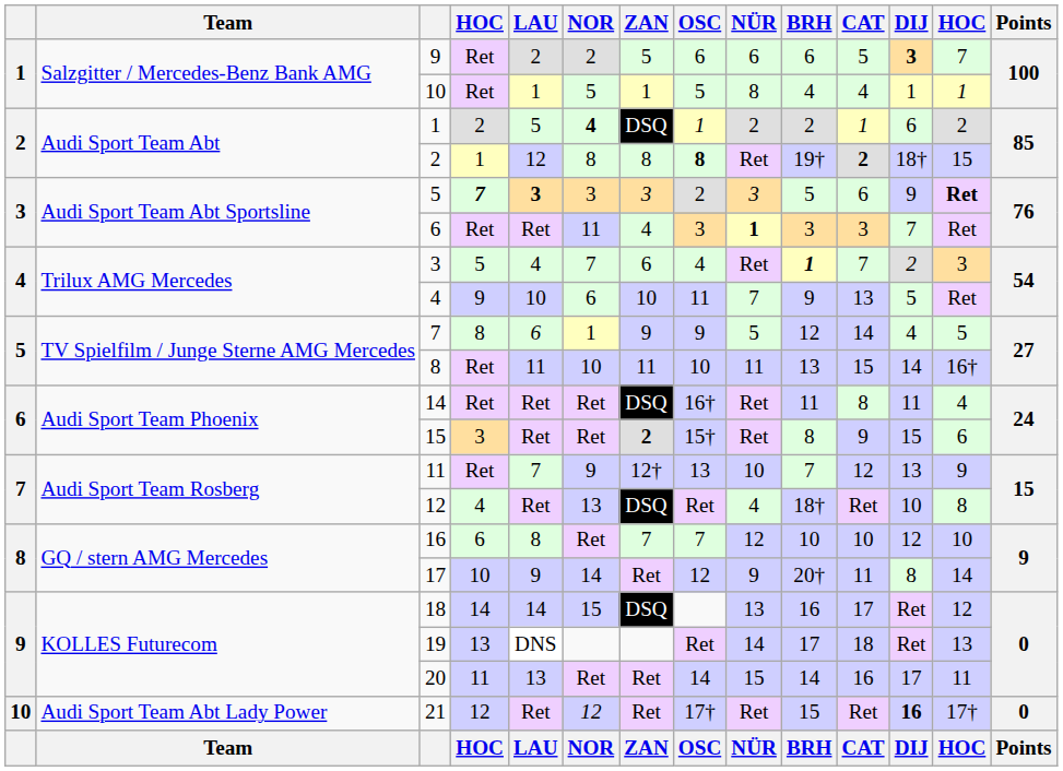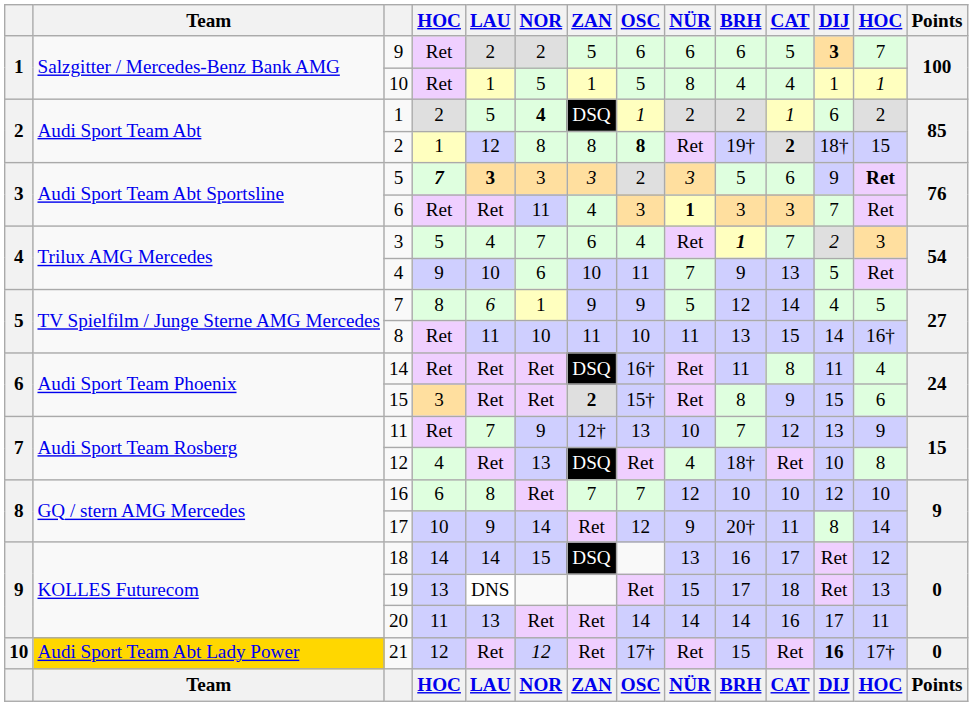 <table class="wikitable" style="font-size:85%; text-align:center">
 <tr style="background:#f9f9f9" valign="top">
 <th valign="middle"></th>
 <th valign="middle">Team</th>
 <th valign="middle"></th>
 <th><a href='#'>HOC</a><br></th>
 <th><a href='#'>LAU</a><br></th>
 <th><a href='#'>NOR</a><br></th>
 <th><a href='#'>ZAN</a><br></th>
 <th><a href='#'>OSC</a><br></th>
 <th><a href='#'>NÜR</a><br></th>
 <th><a href='#'>BRH</a><br></th>
 <th><a href='#'>CAT</a><br></th>
 <th><a href='#'>DIJ</a><br></th>
 <th><a href='#'>HOC</a><br></th>
 <th valign="middle">Points</th>
 </tr>
 <tr>
 <th rowspan=2>1</th>
 <td align="left" rowspan=2><a href='#'>Salzgitter / Mercedes-Benz Bank AMG</a></td>
 <td align="center">9</td>
 <td style="background:#EFCFFF;">Ret</td>
 <td style="background:#DFDFDF;">2</td>
 <td style="background:#DFDFDF;">2</td>
 <td style="background:#DFFFDF;">5</td>
 <td style="background:#DFFFDF;">6</td>
 <td style="background:#DFFFDF;">6</td>
 <td style="background:#DFFFDF;">6</td>
 <td style="background:#DFFFDF;">5</td>
 <td style="background:#FFDF9F;"><strong>3</strong></td>
 <td style="background:#DFFFDF;">7</td>
 <th rowspan=2>100</th>
 </tr>
 <tr>
 <td align="center">10</td>
 <td style="background:#EFCFFF;">Ret</td>
 <td style="background:#FFFFBF;">1</td>
 <td style="background:#DFFFDF;">5</td>
 <td style="background:#FFFFBF;">1</td>
 <td style="background:#DFFFDF;">5</td>
 <td style="background:#DFFFDF;">8</td>
 <td style="background:#DFFFDF;">4</td>
 <td style="background:#DFFFDF;">4</td>
 <td style="background:#FFFFBF;">1</td>
 <td style="background:#FFFFBF;"><em>1</em></td>
 </tr>
 <tr>
 <th rowspan=2>2</th>
 <td align="left" rowspan=2><a href='#'>Audi Sport Team Abt</a></td>
 <td align="center">1</td>
 <td style="background:#DFDFDF;">2</td>
 <td style="background:#DFFFDF;">5</td>
 <td style="background:#DFFFDF;"><strong>4</strong></td>
 <td style="background:#000000; color:white">DSQ</td>
 <td style="background:#FFFFBF;"><em>1</em></td>
 <td style="background:#DFDFDF;">2</td>
 <td style="background:#DFDFDF;">2</td>
 <td style="background:#FFFFBF;"><em>1</em></td>
 <td style="background:#DFFFDF;">6</td>
 <td style="background:#DFDFDF;">2</td>
 <th rowspan=2>85</th>
 </tr>
 <tr>
 <td align="center">2</td>
 <td style="background:#FFFFBF;">1</td>
 <td style="background:#CFCFFF;">12</td>
 <td style="background:#DFFFDF;">8</td>
 <td style="background:#DFFFDF;">8</td>
 <td style="background:#DFFFDF;"><strong>8</strong></td>
 <td style="background:#EFCFFF;">Ret</td>
 <td style="background:#CFCFFF;">19†</td>
 <td style="background:#DFDFDF;"><strong>2</strong></td>
 <td style="background:#CFCFFF;">18†</td>
 <td style="background:#CFCFFF;">15</td>
 </tr>
 <tr>
 <th rowspan=2>3</th>
 <td align="left" rowspan=2><a href='#'>Audi Sport Team Abt Sportsline</a></td>
 <td align="center">5</td>
 <td style="background:#DFFFDF;"><strong><em>7</em></strong></td>
 <td style="background:#FFDF9F;"><strong>3</strong></td>
 <td style="background:#FFDF9F;">3</td>
 <td style="background:#FFDF9F;"><em>3</em></td>
 <td style="background:#DFDFDF;">2</td>
 <td style="background:#FFDF9F;"><em>3</em></td>
 <td style="background:#DFFFDF;">5</td>
 <td style="background:#DFFFDF;">6</td>
 <td style="background:#CFCFFF;">9</td>
 <td style="background:#EFCFFF;"><strong>Ret</strong></td>
 <th rowspan=2>76</th>
 </tr>
 <tr>
 <td align="center">6</td>
 <td style="background:#EFCFFF;">Ret</td>
 <td style="background:#EFCFFF;">Ret</td>
 <td style="background:#CFCFFF;">11</td>
 <td style="background:#DFFFDF;">4</td>
 <td style="background:#FFDF9F;">3</td>
 <td style="background:#FFFFBF;"><strong>1</strong></td>
 <td style="background:#FFDF9F;">3</td>
 <td style="background:#FFDF9F;">3</td>
 <td style="background:#DFFFDF;">7</td>
 <td style="background:#EFCFFF;">Ret</td>
 </tr>
 <tr>
 <th rowspan=2>4</th>
 <td align="left" rowspan=2><a href='#'>Trilux AMG Mercedes</a></td>
 <td align="center">3</td>
 <td style="background:#DFFFDF;">5</td>
 <td style="background:#DFFFDF;">4</td>
 <td style="background:#DFFFDF;">7</td>
 <td style="background:#DFFFDF;">6</td>
 <td style="background:#DFFFDF;">4</td>
 <td style="background:#EFCFFF;">Ret</td>
 <td style="background:#FFFFBF;"><strong><em>1</em></strong></td>
 <td style="background:#DFFFDF;">7</td>
 <td style="background:#DFDFDF;"><em>2</em></td>
 <td style="background:#FFDF9F;">3</td>
 <th rowspan=2>54</th>
 </tr>
 <tr>
 <td align="center">4</td>
 <td style="background:#CFCFFF;">9</td>
 <td style="background:#CFCFFF;">10</td>
 <td style="background:#DFFFDF;">6</td>
 <td style="background:#CFCFFF;">10</td>
 <td style="background:#CFCFFF;">11</td>
 <td style="background:#DFFFDF;">7</td>
 <td style="background:#CFCFFF;">9</td>
 <td style="background:#CFCFFF;">13</td>
 <td style="background:#DFFFDF;">5</td>
 <td style="background:#EFCFFF;">Ret</td>
 </tr>
 <tr>
 <th rowspan=2>5</th>
 <td align="left" rowspan=2><a href='#'>TV Spielfilm / Junge Sterne AMG Mercedes</a></td>
 <td align="center">7</td>
 <td style="background:#DFFFDF;">8</td>
 <td style="background:#DFFFDF;"><em>6</em></td>
 <td style="background:#FFFFBF;">1</td>
 <td style="background:#CFCFFF;">9</td>
 <td style="background:#CFCFFF;">9</td>
 <td style="background:#DFFFDF;">5</td>
 <td style="background:#CFCFFF;">12</td>
 <td style="background:#CFCFFF;">14</td>
 <td style="background:#DFFFDF;">4</td>
 <td style="background:#DFFFDF;">5</td>
 <th rowspan=2>27</th>
 </tr>
 <tr>
 <td align="center">8</td>
 <td style="background:#EFCFFF;">Ret</td>
 <td style="background:#CFCFFF;">11</td>
 <td style="background:#CFCFFF;">10</td>
 <td style="background:#CFCFFF;">11</td>
 <td style="background:#CFCFFF;">10</td>
 <td style="background:#CFCFFF;">11</td>
 <td style="background:#CFCFFF;">13</td>
 <td style="background:#CFCFFF;">15</td>
 <td style="background:#CFCFFF;">14</td>
 <td style="background:#CFCFFF;">16†</td>
 </tr>
 <tr>
 <th rowspan=2>6</th>
 <td align="left" rowspan=2><a href='#'>Audi Sport Team Phoenix</a></td>
 <td align="center">14</td>
 <td style="background:#EFCFFF;">Ret</td>
 <td style="background:#EFCFFF;">Ret</td>
 <td style="background:#EFCFFF;">Ret</td>
 <td style="background:#000000; color:white">DSQ</td>
 <td style="background:#CFCFFF;">16†</td>
 <td style="background:#EFCFFF;">Ret</td>
 <td style="background:#CFCFFF;">11</td>
 <td style="background:#DFFFDF;">8</td>
 <td style="background:#CFCFFF;">11</td>
 <td style="background:#DFFFDF;">4</td>
 <th rowspan=2>24</th>
 </tr>
 <tr>
 <td align="center">15</td>
 <td style="background:#FFDF9F;">3</td>
 <td style="background:#EFCFFF;">Ret</td>
 <td style="background:#EFCFFF;">Ret</td>
 <td style="background:#DFDFDF;"><strong>2</strong></td>
 <td style="background:#CFCFFF;">15†</td>
 <td style="background:#EFCFFF;">Ret</td>
 <td style="background:#DFFFDF;">8</td>
 <td style="background:#CFCFFF;">9</td>
 <td style="background:#CFCFFF;">15</td>
 <td style="background:#DFFFDF;">6</td>
 </tr>
 <tr>
 <th rowspan=2>7</th>
 <td align="left" rowspan=2><a href='#'>Audi Sport Team Rosberg</a></td>
 <td align="center">11</td>
 <td style="background:#EFCFFF;">Ret</td>
 <td style="background:#DFFFDF;">7</td>
 <td style="background:#CFCFFF;">9</td>
 <td style="background:#CFCFFF;">12†</td>
 <td style="background:#CFCFFF;">13</td>
 <td style="background:#CFCFFF;">10</td>
 <td style="background:#DFFFDF;">7</td>
 <td style="background:#CFCFFF;">12</td>
 <td style="background:#CFCFFF;">13</td>
 <td style="background:#CFCFFF;">9</td>
 <th rowspan=2>15</th>
 </tr>
 <tr>
 <td align="center">12</td>
 <td style="background:#DFFFDF;">4</td>
 <td style="background:#EFCFFF;">Ret</td>
 <td style="background:#CFCFFF;">13</td>
 <td style="background:#000000; color:white">DSQ</td>
 <td style="background:#EFCFFF;">Ret</td>
 <td style="background:#DFFFDF;">4</td>
 <td style="background:#CFCFFF;">18†</td>
 <td style="background:#EFCFFF;">Ret</td>
 <td style="background:#CFCFFF;">10</td>
 <td style="background:#DFFFDF;">8</td>
 </tr>
 <tr>
 <th rowspan=2>8</th>
 <td align="left" rowspan=2><a href='#'>GQ / stern AMG Mercedes</a></td>
 <td align="center">16</td>
 <td style="background:#DFFFDF;">6</td>
 <td style="background:#DFFFDF;">8</td>
 <td style="background:#EFCFFF;">Ret</td>
 <td style="background:#DFFFDF;">7</td>
 <td style="background:#DFFFDF;">7</td>
 <td style="background:#CFCFFF;">12</td>
 <td style="background:#CFCFFF;">10</td>
 <td style="background:#CFCFFF;">10</td>
 <td style="background:#CFCFFF;">12</td>
 <td style="background:#CFCFFF;">10</td>
 <th rowspan=2>9</th>
 </tr>
 <tr>
 <td align="center">17</td>
 <td style="background:#CFCFFF;">10</td>
 <td style="background:#CFCFFF;">9</td>
 <td style="background:#CFCFFF;">14</td>
 <td style="background:#EFCFFF;">Ret</td>
 <td style="background:#CFCFFF;">12</td>
 <td style="background:#CFCFFF;">9</td>
 <td style="background:#CFCFFF;">20†</td>
 <td style="background:#CFCFFF;">11</td>
 <td style="background:#DFFFDF;">8</td>
 <td style="background:#CFCFFF;">14</td>
 </tr>
 <tr>
 <th rowspan=3>9</th>
 <td align="left" rowspan=3><a href='#'>KOLLES Futurecom</a></td>
 <td align="center">18</td>
 <td style="background:#CFCFFF;">14</td>
 <td style="background:#CFCFFF;">14</td>
 <td style="background:#CFCFFF;">15</td>
 <td style="background:#000000; color:white">DSQ</td>
 <td></td>
 <td style="background:#CFCFFF;">13</td>
 <td style="background:#CFCFFF;">16</td>
 <td style="background:#CFCFFF;">17</td>
 <td style="background:#EFCFFF;">Ret</td>
 <td style="background:#CFCFFF;">12</td>
 <th rowspan=3>0</th>
 </tr>
 <tr>
 <td align="center">19</td>
 <td style="background:#CFCFFF;">13</td>
 <td style="background:#FFFFFF;">DNS</td>
 <td></td>
 <td></td>
 <td style="background:#EFCFFF;">Ret</td>
-<td style="background:#CFCFFF;">14</td>
+<td style="background:#CFCFFF;">15</td>
 <td style="background:#CFCFFF;">17</td>
 <td style="background:#CFCFFF;">18</td>
 <td style="background:#EFCFFF;">Ret</td>
 <td style="background:#CFCFFF;">13</td>
 </tr>
 <tr>
 <td align="center">20</td>
 <td style="background:#CFCFFF;">11</td>
 <td style="background:#CFCFFF;">13</td>
 <td style="background:#EFCFFF;">Ret</td>
 <td style="background:#EFCFFF;">Ret</td>
 <td style="background:#CFCFFF;">14</td>
-<td style="background:#CFCFFF;">15</td>
+<td style="background:#CFCFFF;">14</td>
 <td style="background:#CFCFFF;">14</td>
 <td style="background:#CFCFFF;">16</td>
 <td style="background:#CFCFFF;">17</td>
 <td style="background:#CFCFFF;">11</td>
 </tr>
 <tr>
 <th>10</th>
-<td align=left><a href='#'>Audi Sport Team Abt Lady Power</a></td>
+<td align=left style="background: gold;"><a href='#'>Audi Sport Team Abt Lady Power</a></td>
 <td align="center">21</td>
 <td style="background:#CFCFFF;">12</td>
 <td style="background:#EFCFFF;">Ret</td>
 <td style="background:#CFCFFF;"><em>12</em></td>
 <td style="background:#EFCFFF;">Ret</td>
 <td style="background:#CFCFFF;">17†</td>
 <td style="background:#EFCFFF;">Ret</td>
 <td style="background:#CFCFFF;">15</td>
 <td style="background:#EFCFFF;">Ret</td>
 <td style="background:#CFCFFF;"><strong>16</strong></td>
 <td style="background:#CFCFFF;">17†</td>
 <th>0</th>
 </tr>
 <tr>
 <th valign="middle"></th>
 <th valign="middle">Team</th>
 <th valign="middle"></th>
 <th><a href='#'>HOC</a><br></th>
 <th><a href='#'>LAU</a><br></th>
 <th><a href='#'>NOR</a><br></th>
 <th><a href='#'>ZAN</a><br></th>
 <th><a href='#'>OSC</a><br></th>
 <th><a href='#'>NÜR</a><br></th>
 <th><a href='#'>BRH</a><br></th>
 <th><a href='#'>CAT</a><br></th>
 <th><a href='#'>DIJ</a><br></th>
 <th><a href='#'>HOC</a><br></th>
 <th valign="middle">Points</th>
 </tr>
 </table>
